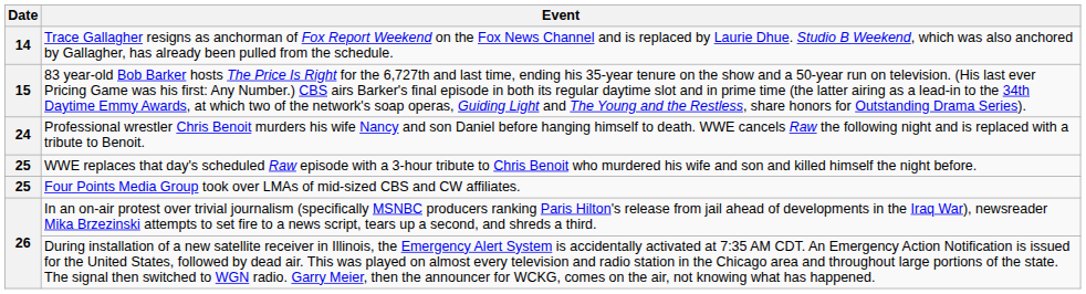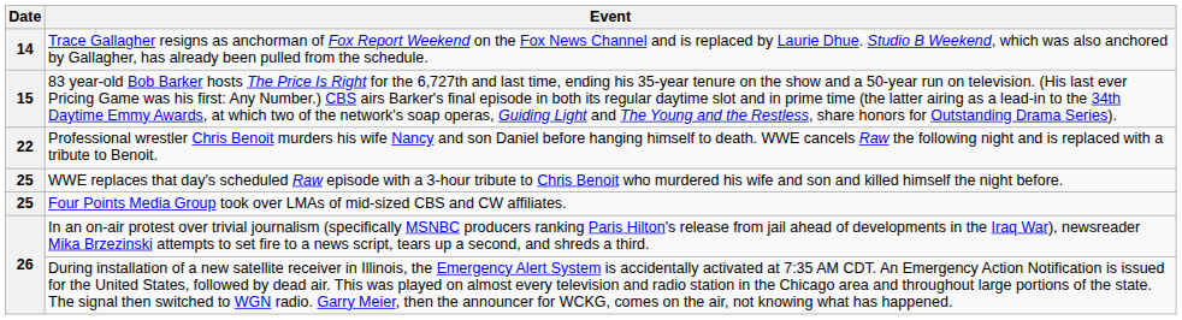 <table class="wikitable">
 <tr>
 <th>Date</th>
 <th>Event</th>
 </tr>
 <tr>
 <th>14</th>
 <td><a href='#'>Trace Gallagher</a> resigns as anchorman of <em><a href='#'>Fox Report Weekend</a></em> on the <a href='#'>Fox News Channel</a> and is replaced by <a href='#'>Laurie Dhue</a>. <em><a href='#'>Studio B Weekend</a></em>, which was also anchored by Gallagher, has already been pulled from the schedule.</td>
 </tr>
 <tr>
 <th>15</th>
 <td>83 year-old <a href='#'>Bob Barker</a> hosts <em><a href='#'>The Price Is Right</a></em> for the 6,727th and last time, ending his 35-year tenure on the show and a 50-year run on television. (His last ever Pricing Game was his first: Any Number.) <a href='#'>CBS</a> airs Barker's final episode in both its regular daytime slot and in prime time (the latter airing as a lead-in to the <a href='#'>34th Daytime Emmy Awards</a>, at which two of the network's soap operas, <em><a href='#'>Guiding Light</a></em> and <em><a href='#'>The Young and the Restless</a></em>, share honors for <a href='#'>Outstanding Drama Series</a>).</td>
 </tr>
 <tr>
-<th>24</th>
+<th>22</th>
 <td>Professional wrestler <a href='#'>Chris Benoit</a> murders his wife <a href='#'>Nancy</a> and son Daniel before hanging himself to death. WWE cancels <em><a href='#'>Raw</a></em> the following night and is replaced with a tribute to Benoit.</td>
 </tr>
 <tr>
 <th>25</th>
 <td>WWE replaces that day's scheduled <em><a href='#'>Raw</a></em> episode with a 3-hour tribute to <a href='#'>Chris Benoit</a> who murdered his wife and son and killed himself the night before.</td>
 </tr>
 <tr>
 <th>25</th>
 <td><a href='#'>Four Points Media Group</a> took over LMAs of mid-sized CBS and CW affiliates.</td>
 </tr>
 <tr>
 <th rowspan="2">26</th>
 <td>In an on-air protest over trivial journalism (specifically <a href='#'>MSNBC</a> producers ranking <a href='#'>Paris Hilton</a>'s release from jail ahead of developments in the <a href='#'>Iraq War</a>), newsreader <a href='#'>Mika Brzezinski</a> attempts to set fire to a news script, tears up a second, and shreds a third.</td>
 </tr>
 <tr>
 <td>During installation of a new satellite receiver in Illinois, the <a href='#'>Emergency Alert System</a> is accidentally activated at 7:35 AM CDT. An Emergency Action Notification is issued for the United States, followed by dead air. This was played on almost every television and radio station in the Chicago area and throughout large portions of the state. The signal then switched to <a href='#'>WGN</a> radio. <a href='#'>Garry Meier</a>, then the announcer for WCKG, comes on the air, not knowing what has happened.</td>
 </tr>
 </table>
